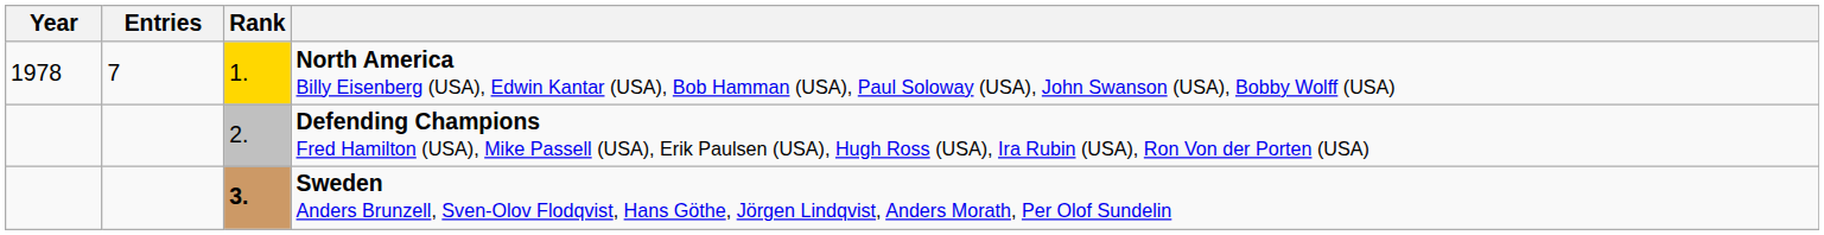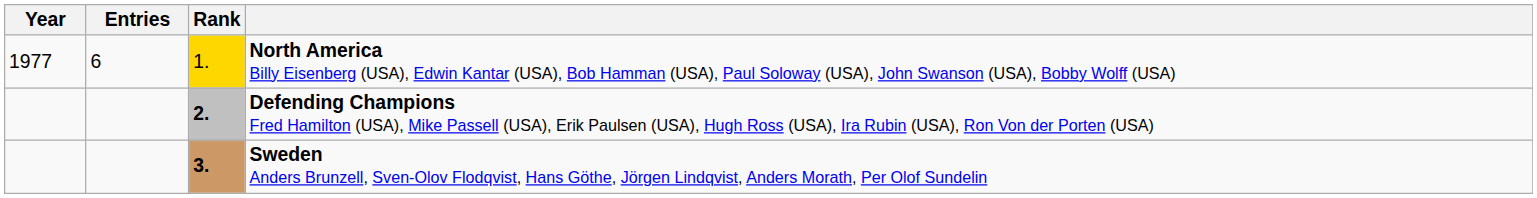 <table class="wikitable" style="width:100%;">
 <tr>
 <th>Year</th>
 <th>Entries</th>
 <th>Rank</th>
 <th></th>
 </tr>
 <tr>
-<td width=60>1978</td>
-<td>7</td>
+<td width=60>1977</td>
+<td>6</td>
 <td style="background:gold; width:30px;">1.</td>
 <td> <strong>North America</strong><br><small><a href='#'>Billy Eisenberg</a> (USA), <a href='#'>Edwin Kantar</a> (USA), <a href='#'>Bob Hamman</a> (USA), <a href='#'>Paul Soloway</a> (USA), <a href='#'>John Swanson</a> (USA), <a href='#'>Bobby Wolff</a> (USA)</small></td>
 </tr>
 <tr>
 <td></td>
 <td></td>
-<td style="background:silver;">2.</td>
+<td style="background:silver;"><strong>2.</strong></td>
 <td> <strong>Defending Champions</strong><br><small><a href='#'>Fred Hamilton</a> (USA), <a href='#'>Mike Passell</a> (USA), Erik Paulsen (USA), <a href='#'>Hugh Ross</a> (USA), <a href='#'>Ira Rubin</a> (USA), <a href='#'>Ron Von der Porten</a> (USA)</small></td>
 </tr>
 <tr>
 <td></td>
 <td></td>
 <td style="background:#c96;"><strong>3.</strong></td>
 <td> <strong>Sweden</strong><br><small><a href='#'>Anders Brunzell</a>, <a href='#'>Sven-Olov Flodqvist</a>, <a href='#'>Hans Göthe</a>, <a href='#'>Jörgen Lindqvist</a>, <a href='#'>Anders Morath</a>, <a href='#'>Per Olof Sundelin</a></small></td>
 </tr>
 </table>
